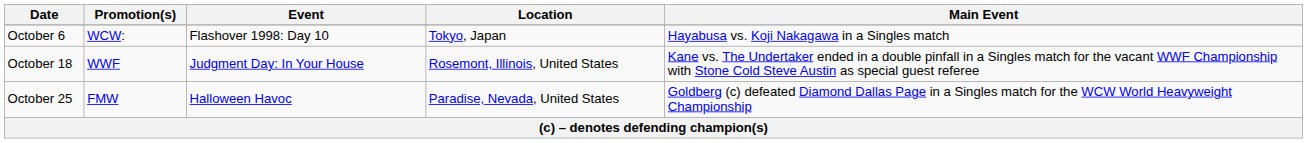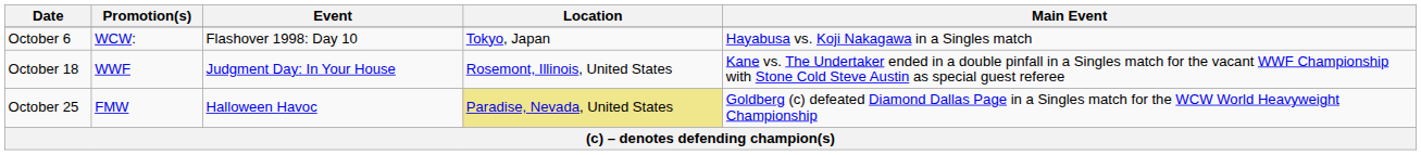 <table class="wikitable" style="width:100%;">
 <tr>
 <th width="5%">Date</th>
 <th width="5%">Promotion(s)</th>
 <th style="width:15%;">Event</th>
 <th style="width:15%;">Location</th>
 <th style="width:40%;">Main Event</th>
 </tr>
 <tr style="width:20%;" |Notes>
 </tr>
 <tr>
 <td>October 6</td>
 <td><a href='#'>WCW</a>:<br></td>
 <td>Flashover 1998: Day 10</td>
 <td><a href='#'>Tokyo</a>, Japan</td>
 <td><a href='#'>Hayabusa</a> vs. <a href='#'>Koji Nakagawa</a> in a Singles match</td>
 </tr>
 <tr>
 <td>October 18</td>
 <td><a href='#'>WWF</a></td>
 <td><a href='#'>Judgment Day: In Your House</a></td>
 <td><a href='#'>Rosemont, Illinois</a>, United States</td>
 <td><a href='#'>Kane</a> vs. <a href='#'>The Undertaker</a> ended in a double pinfall in a Singles match for the vacant <a href='#'>WWF Championship</a> with <a href='#'>Stone Cold Steve Austin</a> as special guest referee</td>
 </tr>
 <tr>
 <td>October 25</td>
 <td><a href='#'>FMW</a></td>
 <td><a href='#'>Halloween Havoc</a></td>
-<td><a href='#'>Paradise, Nevada</a>, United States</td>
+<td style="background: khaki;"><a href='#'>Paradise, Nevada</a>, United States</td>
 <td><a href='#'>Goldberg</a> (c) defeated <a href='#'>Diamond Dallas Page</a> in a Singles match for the <a href='#'>WCW World Heavyweight Championship</a></td>
 </tr>
 <tr>
 <th colspan="6">(c) – denotes defending champion(s)</th>
 </tr>
 </table>
